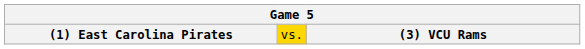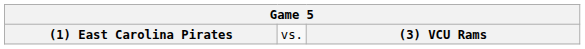 <table class="wikitable">
 <tr>
 <th style="width: 594px;" colspan=3>Game 5</th>
 </tr>
 <tr>
 <th style="width: 284px; ">(1) East Carolina Pirates</th>
-<td style="background: gold; width: 25px; text-align:center">vs.</td>
+<td style="width: 25px; text-align:center">vs.</td>
 <th style="width: 284px; ">(3) VCU Rams</th>
 </tr>
 </table>
